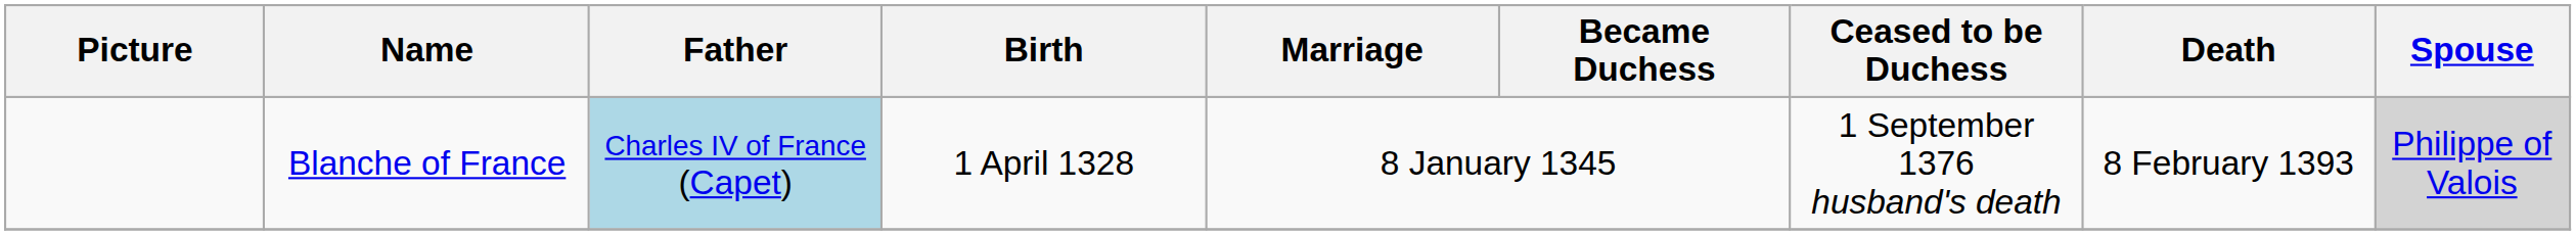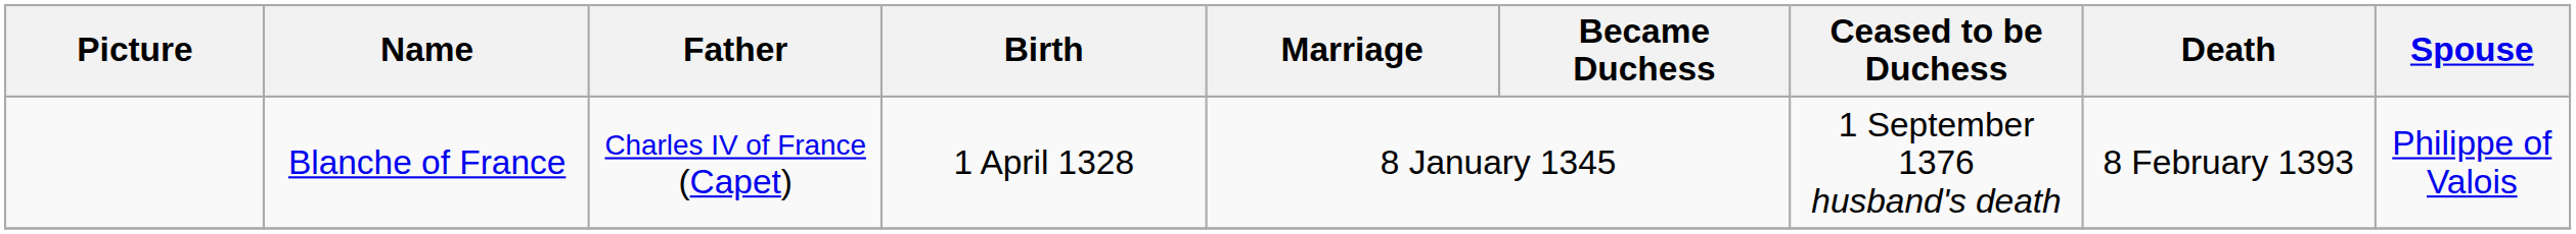 <table width=95% class="wikitable">
 <tr>
 <th width = "8%">Picture</th>
 <th width = "10%">Name</th>
 <th width = "9%">Father</th>
 <th width = "10%">Birth</th>
 <th width = "9%">Marriage</th>
 <th width = "9%">Became Duchess</th>
 <th width = "9%">Ceased to be Duchess</th>
 <th width = "9%">Death</th>
 <th width = "6%"><a href='#'>Spouse</a></th>
 </tr>
 <tr>
 <td align="center"></td>
 <td align="center"><a href='#'>Blanche of France</a></td>
-<td align=center style="background: lightblue;"><small><a href='#'>Charles IV of France</a></small> <br>(<a href='#'>Capet</a>)</td>
+<td align=center><small><a href='#'>Charles IV of France</a></small> <br>(<a href='#'>Capet</a>)</td>
 <td align="center">1 April 1328</td>
 <td align="center" colspan="2">8 January 1345</td>
 <td align="center">1 September 1376<br><em>husband's death</em></td>
 <td align="center">8 February 1393</td>
-<td align="center" style="background: lightgrey;"><a href='#'>Philippe of Valois</a></td>
+<td align="center"><a href='#'>Philippe of Valois</a></td>
 </tr>
 <tr>
 </tr>
 </table>
